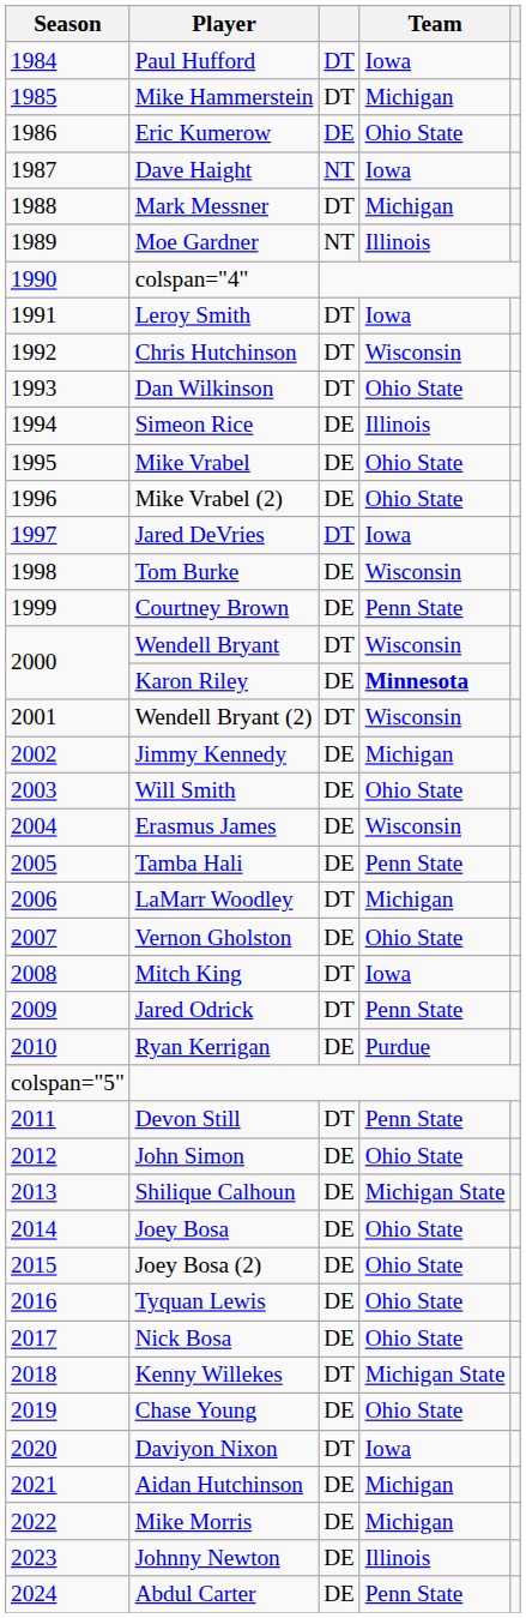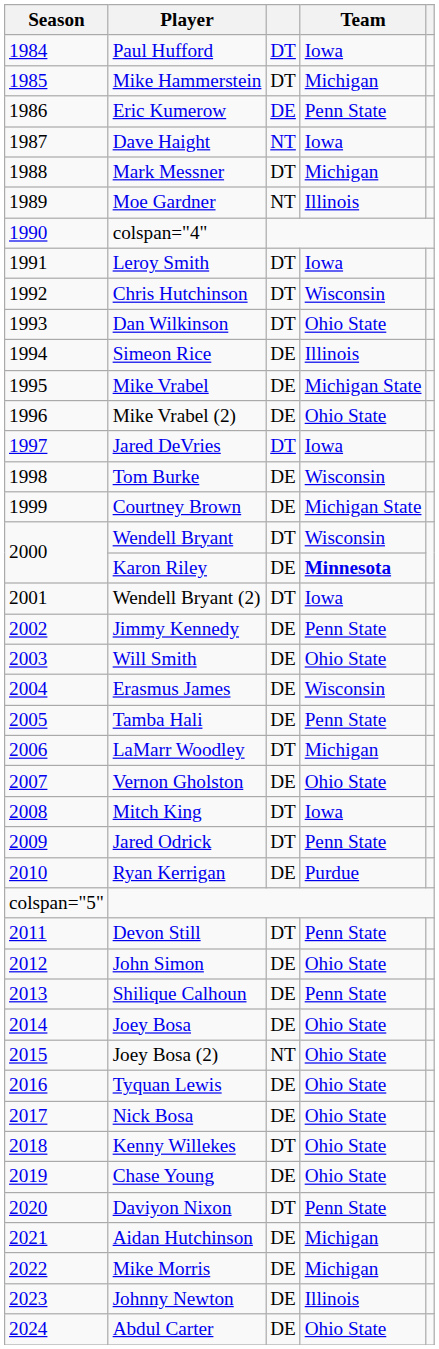 <table class="wikitable sortable">
 <tr>
 <th>Season</th>
 <th>Player</th>
 <th></th>
 <th>Team</th>
 <th></th>
 </tr>
 <tr>
 <td><a href='#'>1984</a></td>
 <td><a href='#'>Paul Hufford</a></td>
 <td><a href='#'>DT</a></td>
 <td><a href='#'>Iowa</a></td>
 <td></td>
 </tr>
 <tr>
 <td><a href='#'>1985</a></td>
 <td><a href='#'>Mike Hammerstein</a></td>
 <td>DT</td>
 <td><a href='#'>Michigan</a></td>
 <td></td>
 </tr>
 <tr>
 <td>1986</td>
 <td><a href='#'>Eric Kumerow</a></td>
 <td><a href='#'>DE</a></td>
-<td><a href='#'>Ohio State</a></td>
+<td><a href='#'>Penn State</a></td>
 <td></td>
 </tr>
 <tr>
 <td>1987</td>
 <td><a href='#'>Dave Haight</a></td>
 <td><a href='#'>NT</a></td>
 <td><a href='#'>Iowa</a></td>
 <td></td>
 </tr>
 <tr>
 <td>1988</td>
 <td><a href='#'>Mark Messner</a></td>
 <td>DT</td>
 <td><a href='#'>Michigan</a></td>
 <td></td>
 </tr>
 <tr>
 <td>1989</td>
 <td><a href='#'>Moe Gardner</a></td>
 <td>NT</td>
 <td><a href='#'>Illinois</a></td>
 <td></td>
 </tr>
 <tr>
 <td><a href='#'>1990</a></td>
 <td>colspan="4" </td>
 </tr>
 <tr>
 <td>1991</td>
 <td><a href='#'>Leroy Smith</a></td>
 <td>DT</td>
 <td><a href='#'>Iowa</a></td>
 <td></td>
 </tr>
 <tr>
 <td>1992</td>
 <td><a href='#'>Chris Hutchinson</a></td>
 <td>DT</td>
 <td><a href='#'>Wisconsin</a></td>
 <td></td>
 </tr>
 <tr>
 <td>1993</td>
 <td><a href='#'>Dan Wilkinson</a></td>
 <td>DT</td>
 <td><a href='#'>Ohio State</a></td>
 <td></td>
 </tr>
 <tr>
 <td>1994</td>
 <td><a href='#'>Simeon Rice</a></td>
 <td>DE</td>
 <td><a href='#'>Illinois</a></td>
 <td></td>
 </tr>
 <tr>
 <td>1995</td>
 <td><a href='#'>Mike Vrabel</a></td>
 <td>DE</td>
-<td><a href='#'>Ohio State</a></td>
+<td><a href='#'>Michigan State</a></td>
 <td></td>
 </tr>
 <tr>
 <td>1996</td>
 <td>Mike Vrabel (2)</td>
 <td>DE</td>
 <td><a href='#'>Ohio State</a></td>
 <td></td>
 </tr>
 <tr>
 <td><a href='#'>1997</a></td>
 <td><a href='#'>Jared DeVries</a></td>
 <td><a href='#'>DT</a></td>
 <td><a href='#'>Iowa</a></td>
 <td></td>
 </tr>
 <tr>
 <td>1998</td>
 <td><a href='#'>Tom Burke</a></td>
 <td>DE</td>
 <td><a href='#'>Wisconsin</a></td>
 <td></td>
 </tr>
 <tr>
 <td>1999</td>
 <td><a href='#'>Courtney Brown</a></td>
 <td>DE</td>
-<td><a href='#'>Penn State</a></td>
+<td><a href='#'>Michigan State</a></td>
 <td></td>
 </tr>
 <tr>
 <td rowspan="2">2000</td>
 <td><a href='#'>Wendell Bryant</a></td>
 <td>DT</td>
 <td><a href='#'>Wisconsin</a></td>
 <td rowspan="2"></td>
 </tr>
 <tr>
 <td><a href='#'>Karon Riley</a></td>
 <td>DE</td>
 <td><strong><a href='#'>Minnesota</a></strong></td>
 </tr>
 <tr>
 <td>2001</td>
 <td>Wendell Bryant (2)</td>
 <td>DT</td>
-<td><a href='#'>Wisconsin</a></td>
+<td><a href='#'>Iowa</a></td>
 <td></td>
 </tr>
 <tr>
 <td><a href='#'>2002</a></td>
 <td><a href='#'>Jimmy Kennedy</a></td>
 <td>DE</td>
-<td><a href='#'>Michigan</a></td>
+<td><a href='#'>Penn State</a></td>
 <td></td>
 </tr>
 <tr>
 <td><a href='#'>2003</a></td>
 <td><a href='#'>Will Smith</a></td>
 <td>DE</td>
 <td><a href='#'>Ohio State</a></td>
 <td></td>
 </tr>
 <tr>
 <td><a href='#'>2004</a></td>
 <td><a href='#'>Erasmus James</a></td>
 <td>DE</td>
 <td><a href='#'>Wisconsin</a></td>
 <td></td>
 </tr>
 <tr>
 <td><a href='#'>2005</a></td>
 <td><a href='#'>Tamba Hali</a></td>
 <td>DE</td>
 <td><a href='#'>Penn State</a></td>
 <td></td>
 </tr>
 <tr>
 <td><a href='#'>2006</a></td>
 <td><a href='#'>LaMarr Woodley</a></td>
 <td>DT</td>
 <td><a href='#'>Michigan</a></td>
 <td></td>
 </tr>
 <tr>
 <td><a href='#'>2007</a></td>
 <td><a href='#'>Vernon Gholston</a></td>
 <td>DE</td>
 <td><a href='#'>Ohio State</a></td>
 <td></td>
 </tr>
 <tr>
 <td><a href='#'>2008</a></td>
 <td><a href='#'>Mitch King</a></td>
 <td>DT</td>
 <td><a href='#'>Iowa</a></td>
 <td></td>
 </tr>
 <tr>
 <td><a href='#'>2009</a></td>
 <td><a href='#'>Jared Odrick</a></td>
 <td>DT</td>
 <td><a href='#'>Penn State</a></td>
 <td></td>
 </tr>
 <tr>
 <td><a href='#'>2010</a></td>
 <td><a href='#'>Ryan Kerrigan</a></td>
 <td>DE</td>
 <td><a href='#'>Purdue</a></td>
 <td></td>
 </tr>
 <tr>
 <td>colspan="5" </td>
 </tr>
 <tr>
 <td><a href='#'>2011</a></td>
 <td><a href='#'>Devon Still</a></td>
 <td>DT</td>
 <td><a href='#'>Penn State</a></td>
 <td></td>
 </tr>
 <tr>
 <td><a href='#'>2012</a></td>
 <td><a href='#'>John Simon</a></td>
 <td>DE</td>
 <td><a href='#'>Ohio State</a></td>
 <td></td>
 </tr>
 <tr>
 <td><a href='#'>2013</a></td>
 <td><a href='#'>Shilique Calhoun</a></td>
 <td>DE</td>
-<td><a href='#'>Michigan State</a></td>
+<td><a href='#'>Penn State</a></td>
 <td></td>
 </tr>
 <tr>
 <td><a href='#'>2014</a></td>
 <td><a href='#'>Joey Bosa</a></td>
 <td>DE</td>
 <td><a href='#'>Ohio State</a></td>
 <td></td>
 </tr>
 <tr>
 <td><a href='#'>2015</a></td>
 <td>Joey Bosa (2)</td>
-<td>DE</td>
+<td>NT</td>
 <td><a href='#'>Ohio State</a></td>
 <td></td>
 </tr>
 <tr>
 <td><a href='#'>2016</a></td>
 <td><a href='#'>Tyquan Lewis</a></td>
 <td>DE</td>
 <td><a href='#'>Ohio State</a></td>
 <td></td>
 </tr>
 <tr>
 <td><a href='#'>2017</a></td>
 <td><a href='#'>Nick Bosa</a></td>
 <td>DE</td>
 <td><a href='#'>Ohio State</a></td>
 <td></td>
 </tr>
 <tr>
 <td><a href='#'>2018</a></td>
 <td><a href='#'>Kenny Willekes</a></td>
 <td>DT</td>
-<td><a href='#'>Michigan State</a></td>
+<td><a href='#'>Ohio State</a></td>
 <td></td>
 </tr>
 <tr>
 <td><a href='#'>2019</a></td>
 <td><a href='#'>Chase Young</a></td>
 <td>DE</td>
 <td><a href='#'>Ohio State</a></td>
 <td></td>
 </tr>
 <tr>
 <td><a href='#'>2020</a></td>
 <td><a href='#'>Daviyon Nixon</a></td>
 <td>DT</td>
-<td><a href='#'>Iowa</a></td>
+<td><a href='#'>Penn State</a></td>
 <td></td>
 </tr>
 <tr>
 <td><a href='#'>2021</a></td>
 <td><a href='#'>Aidan Hutchinson</a></td>
 <td>DE</td>
 <td><a href='#'>Michigan</a></td>
 <td></td>
 </tr>
 <tr>
 <td><a href='#'>2022</a></td>
 <td><a href='#'>Mike Morris</a></td>
 <td>DE</td>
 <td><a href='#'>Michigan</a></td>
 <td></td>
 </tr>
 <tr>
 <td><a href='#'>2023</a></td>
 <td><a href='#'>Johnny Newton</a></td>
 <td>DE</td>
 <td><a href='#'>Illinois</a></td>
 <td></td>
 </tr>
 <tr>
 <td><a href='#'>2024</a></td>
 <td><a href='#'>Abdul Carter</a></td>
 <td>DE</td>
-<td><a href='#'>Penn State</a></td>
+<td><a href='#'>Ohio State</a></td>
 <td></td>
 </tr>
 </table>
